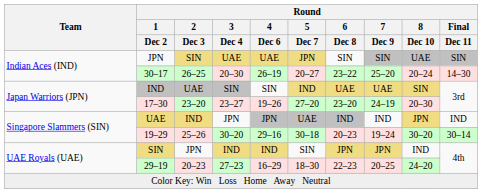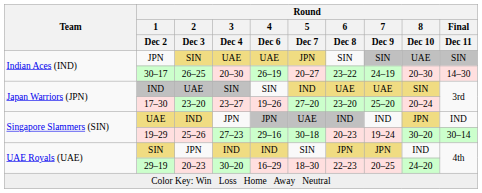 <table class="wikitable" style="text-align:center;font-size:97%">
 <tr>
 <th width=210px rowspan="3">Team</th>
 <th colspan="9">Round</th>
 </tr>
 <tr>
 <th>1</th>
 <th>2</th>
 <th>3</th>
 <th>4</th>
 <th>5</th>
 <th>6</th>
 <th>7</th>
 <th>8</th>
 <th>Final</th>
 </tr>
 <tr>
 <th width="8%">Dec 2</th>
 <th width="8%">Dec 3</th>
 <th width="8%">Dec 4</th>
 <th width="8%">Dec 6</th>
 <th width="8%">Dec 7</th>
 <th width="8%">Dec 8</th>
 <th width="8%">Dec 9</th>
 <th width="8%">Dec 10</th>
 <th width="8%">Dec 11</th>
 </tr>
 <tr>
 <td rowspan="2" style="text-align:left;"> <a href='#'>Indian Aces</a> (IND)</td>
 <td>JPN</td>
 <td bgcolor=#F0DC82>SIN</td>
 <td bgcolor=#F0DC82>UAE</td>
 <td bgcolor=#F0DC82>UAE</td>
 <td bgcolor=#F0DC82>JPN</td>
 <td>SIN</td>
 <td bgcolor=#C0C0C0>SIN</td>
 <td bgcolor=#C0C0C0>UAE</td>
 <td bgcolor=#C0C0C0>SIN</td>
 </tr>
 <tr>
 <td bgcolor=#CCFFCC>30–17</td>
 <td bgcolor=#CCFFCC>26–25</td>
 <td bgcolor=#FFDFDF>20–30</td>
 <td bgcolor=#CCFFCC>26–19</td>
 <td bgcolor=#FFDFDF>20–27</td>
 <td bgcolor=#CCFFCC>23–22</td>
-<td bgcolor=#CCFFCC>25–20</td>
-<td bgcolor=#FFDFDF>20–24</td>
+<td bgcolor=#CCFFCC>24–19</td>
+<td bgcolor=#FFDFDF>20–30</td>
 <td bgcolor=#FFDFDF>14–30</td>
 </tr>
 <tr>
 <td rowspan="2" style="text-align:left;"> <a href='#'>Japan Warriors</a> (JPN)</td>
 <td bgcolor=#C0C0C0>IND</td>
 <td bgcolor=#C0C0C0>UAE</td>
 <td bgcolor=#C0C0C0>SIN</td>
 <td>SIN</td>
 <td bgcolor=#F0DC82>IND</td>
 <td bgcolor=#F0DC82>UAE</td>
 <td bgcolor=#F0DC82>UAE</td>
 <td bgcolor=#F0DC82>SIN</td>
 <td rowspan=2>3rd</td>
 </tr>
 <tr>
 <td bgcolor=#FFDFDF>17–30</td>
 <td bgcolor=#CCFFCC>23–20</td>
 <td bgcolor=#FFDFDF>23–27</td>
 <td bgcolor=#FFDFDF>19–26</td>
 <td bgcolor=#CCFFCC>27–20</td>
 <td bgcolor=#CCFFCC>23–20</td>
-<td bgcolor=#CCFFCC>24–19</td>
-<td bgcolor=#FFDFDF>20–30</td>
+<td bgcolor=#CCFFCC>25–20</td>
+<td bgcolor=#FFDFDF>20–24</td>
 </tr>
 <tr>
 <td rowspan="2" style="text-align:left;"> <a href='#'>Singapore Slammers</a> (SIN)</td>
 <td bgcolor=#F0DC82>UAE</td>
 <td bgcolor=#F0DC82>IND</td>
 <td>JPN</td>
 <td bgcolor=#C0C0C0>JPN</td>
 <td bgcolor=#C0C0C0>UAE</td>
 <td bgcolor=#C0C0C0>IND</td>
 <td>IND</td>
 <td bgcolor=#F0DC82>JPN</td>
 <td>IND</td>
 </tr>
 <tr>
 <td bgcolor=#FFDFDF>19–29</td>
 <td bgcolor=#FFDFDF>25–26</td>
-<td bgcolor=#CCFFCC>30–20</td>
+<td bgcolor=#CCFFCC>27–23</td>
 <td bgcolor=#CCFFCC>29–16</td>
 <td bgcolor=#CCFFCC>30–18</td>
 <td bgcolor=#FFDFDF>20–23</td>
 <td bgcolor=#FFDFDF>19–24</td>
 <td bgcolor=#CCFFCC>30–20</td>
 <td bgcolor=#CCFFCC>30–14</td>
 </tr>
 <tr>
 <td rowspan="2" style="text-align:left;"> <a href='#'>UAE Royals</a>  (UAE)</td>
 <td bgcolor=#F0DC82>SIN</td>
 <td>JPN</td>
 <td bgcolor=#F0DC82>IND</td>
 <td bgcolor=#F0DC82>IND</td>
 <td>SIN</td>
 <td bgcolor=#F0DC82>JPN</td>
 <td bgcolor=#F0DC82>JPN</td>
 <td>IND</td>
 <td rowspan=2>4th</td>
 </tr>
 <tr>
 <td bgcolor=#CCFFCC>29–19</td>
 <td bgcolor=#FFDFDF>20–23</td>
-<td bgcolor=#CCFFCC>27–23</td>
+<td bgcolor=#CCFFCC>30–20</td>
 <td bgcolor=#FFDFDF>16–29</td>
 <td bgcolor=#FFDFDF>18–30</td>
 <td bgcolor=#FFDFDF>22–23</td>
 <td bgcolor=#FFDFDF>20–25</td>
 <td bgcolor=#CCFFCC>24–20</td>
 </tr>
 <tr style="background:#efefef;">
 <td colspan="10">Color Key: <span>Win</span>    <span>Loss</span>    <span>Home</span>    <span>Away</span>    <span>Neutral</span></td>
 </tr>
 </table>
